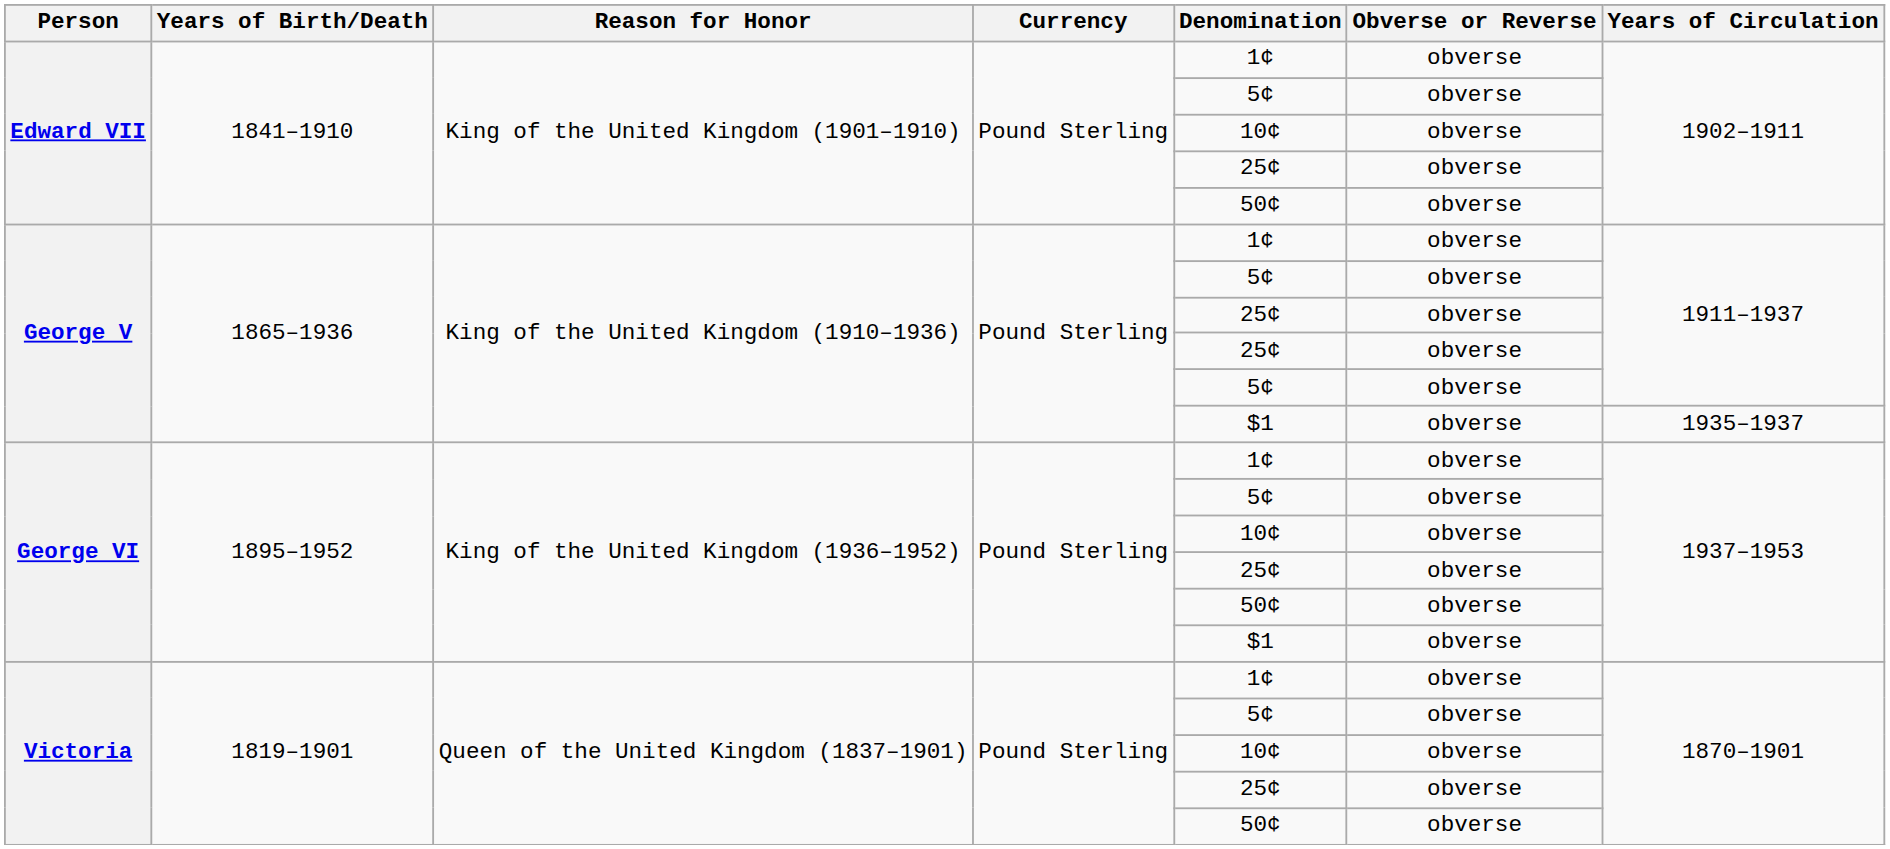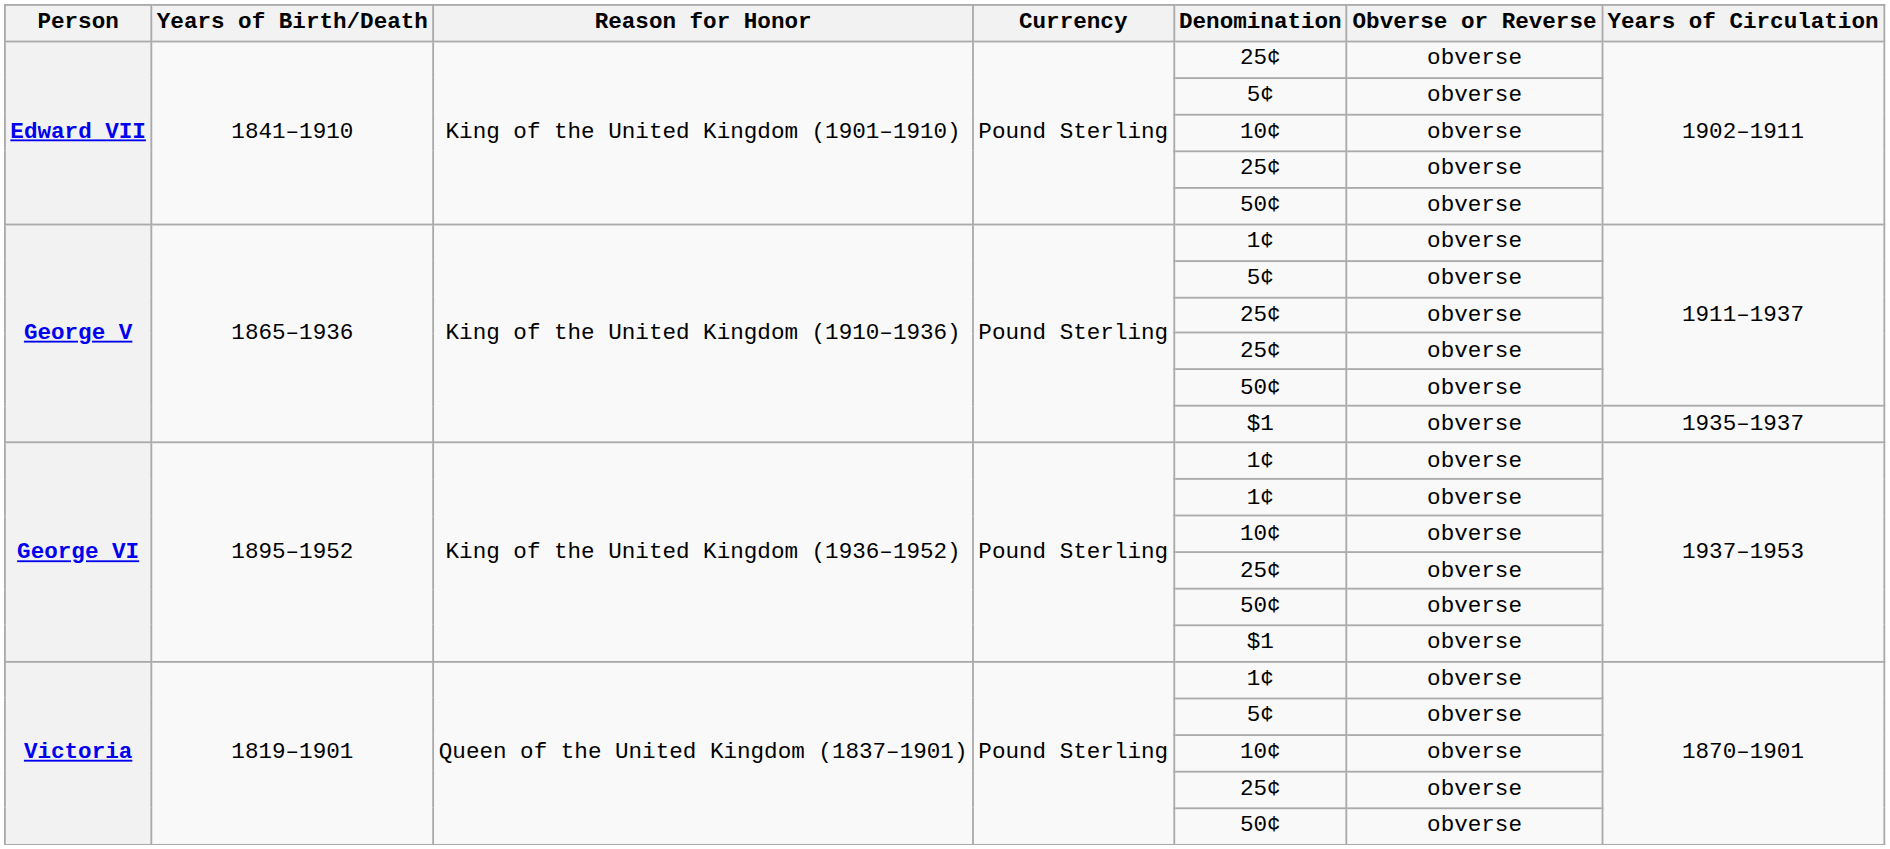 <table class="wikitable" style="font-size:95%; text-align:center;">
 <tr>
 <th>Person</th>
 <th>Years of Birth/Death</th>
 <th>Reason for Honor</th>
 <th>Currency</th>
 <th>Denomination</th>
 <th>Obverse or Reverse</th>
 <th>Years of Circulation</th>
 </tr>
 <tr>
 <th rowspan="5"><a href='#'>Edward VII</a></th>
 <td rowspan="5">1841–1910</td>
 <td rowspan="5">King of the United Kingdom (1901–1910)</td>
 <td rowspan="5">Pound Sterling</td>
-<td>1¢</td>
+<td>25¢</td>
 <td>obverse</td>
 <td rowspan="5">1902–1911</td>
 </tr>
 <tr>
 <td>5¢</td>
 <td>obverse</td>
 </tr>
 <tr>
 <td>10¢</td>
 <td>obverse</td>
 </tr>
 <tr>
 <td>25¢</td>
 <td>obverse</td>
 </tr>
 <tr>
 <td>50¢</td>
 <td>obverse</td>
 </tr>
 <tr>
 <th rowspan="6"><a href='#'>George V</a></th>
 <td rowspan="6">1865–1936</td>
 <td rowspan="6">King of the United Kingdom (1910–1936)</td>
 <td rowspan="6">Pound Sterling</td>
 <td>1¢</td>
 <td>obverse</td>
 <td rowspan="5">1911–1937</td>
 </tr>
 <tr>
 <td>5¢</td>
 <td>obverse</td>
 </tr>
 <tr>
 <td>25¢</td>
 <td>obverse</td>
 </tr>
 <tr>
 <td>25¢</td>
 <td>obverse</td>
 </tr>
 <tr>
-<td>5¢</td>
+<td>50¢</td>
 <td>obverse</td>
 </tr>
 <tr>
 <td>$1</td>
 <td>obverse</td>
 <td>1935–1937</td>
 </tr>
 <tr>
 <th rowspan="6"><a href='#'>George VI</a></th>
 <td rowspan="6">1895–1952</td>
 <td rowspan="6">King of the United Kingdom (1936–1952)</td>
 <td rowspan="6">Pound Sterling</td>
 <td>1¢</td>
 <td>obverse</td>
 <td rowspan="6">1937–1953</td>
 </tr>
 <tr>
-<td>5¢</td>
+<td>1¢</td>
 <td>obverse</td>
 </tr>
 <tr>
 <td>10¢</td>
 <td>obverse</td>
 </tr>
 <tr>
 <td>25¢</td>
 <td>obverse</td>
 </tr>
 <tr>
 <td>50¢</td>
 <td>obverse</td>
 </tr>
 <tr>
 <td>$1</td>
 <td>obverse</td>
 </tr>
 <tr>
 <th rowspan="5"><a href='#'>Victoria</a></th>
 <td rowspan="5">1819–1901</td>
 <td rowspan="5">Queen of the United Kingdom (1837–1901)</td>
 <td rowspan="5">Pound Sterling</td>
 <td>1¢</td>
 <td>obverse</td>
 <td rowspan="5">1870–1901</td>
 </tr>
 <tr>
 <td>5¢</td>
 <td>obverse</td>
 </tr>
 <tr>
 <td>10¢</td>
 <td>obverse</td>
 </tr>
 <tr>
 <td>25¢</td>
 <td>obverse</td>
 </tr>
 <tr>
 <td>50¢</td>
 <td>obverse</td>
 </tr>
 </table>
